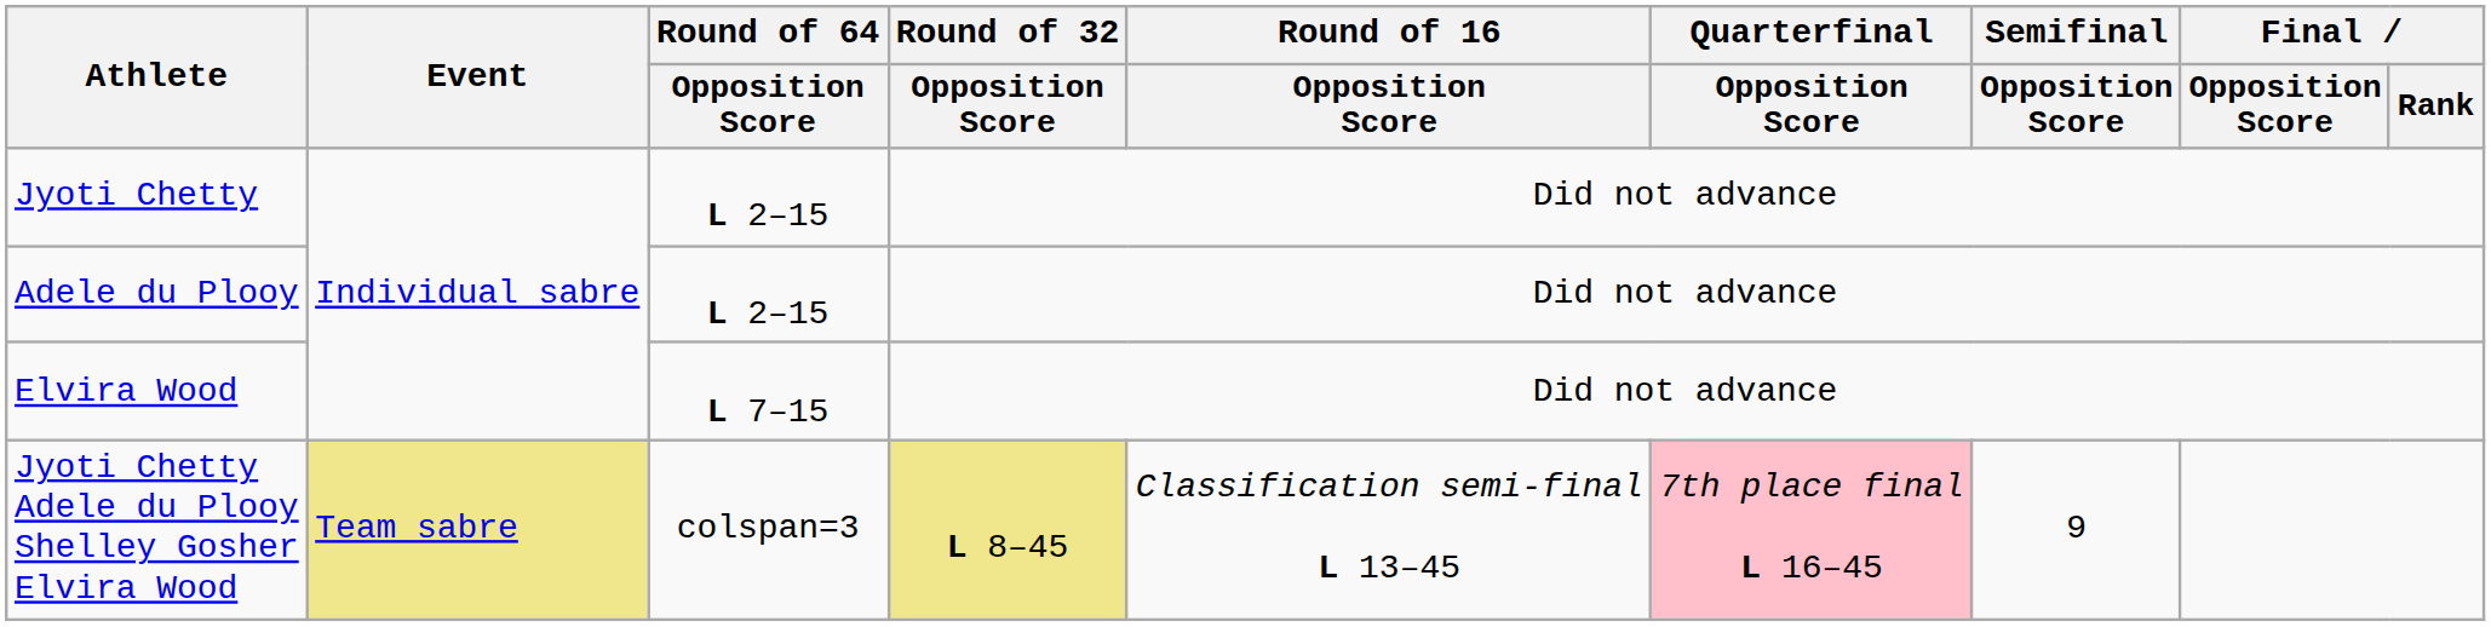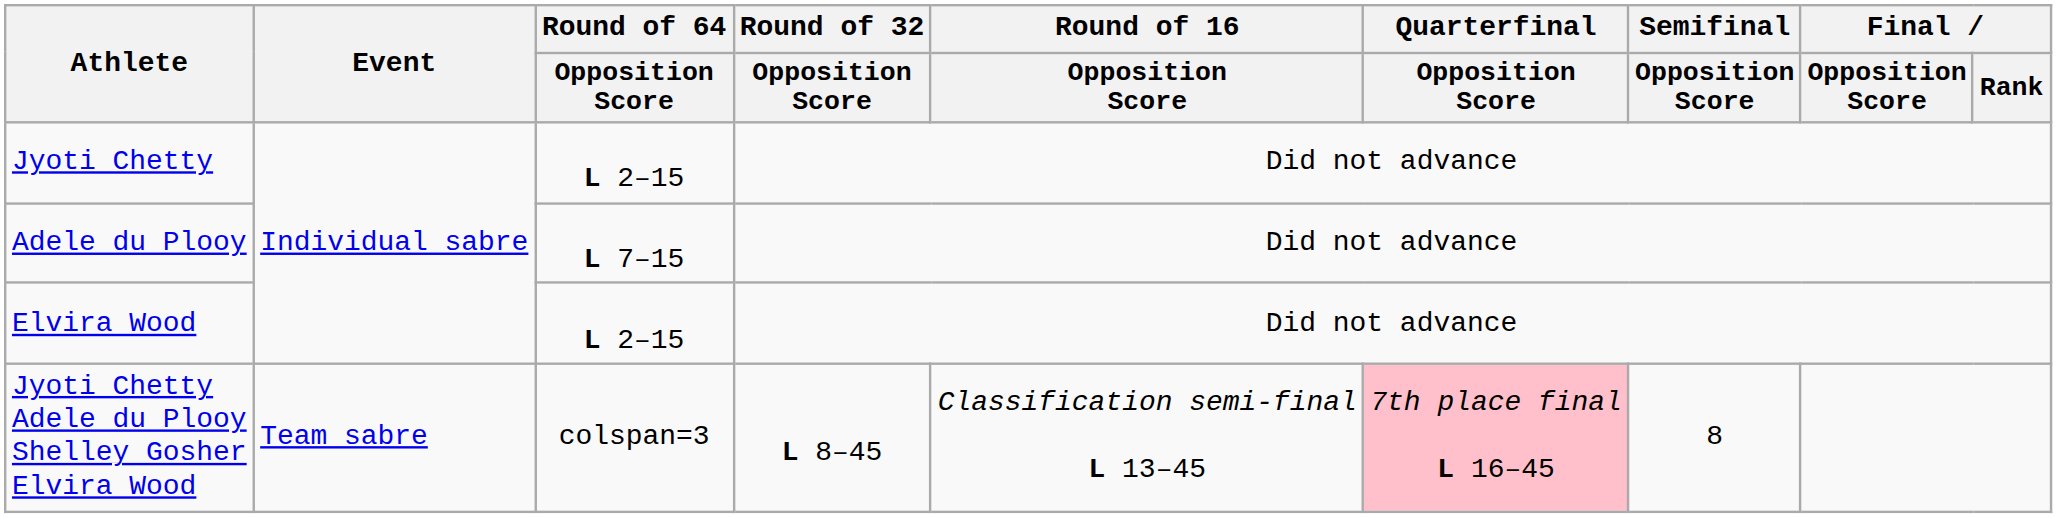 <table class="wikitable" style="font-size:90%">
 <tr>
 <th rowspan="2">Athlete</th>
 <th rowspan="2">Event</th>
 <th>Round of 64</th>
 <th>Round of 32</th>
 <th>Round of 16</th>
 <th>Quarterfinal</th>
 <th>Semifinal</th>
 <th colspan=2>Final / </th>
 </tr>
 <tr style="font-size:95%">
 <th>Opposition <br> Score</th>
 <th>Opposition <br> Score</th>
 <th>Opposition <br> Score</th>
 <th>Opposition <br> Score</th>
 <th>Opposition <br> Score</th>
 <th>Opposition <br> Score</th>
 <th>Rank</th>
 </tr>
 <tr align=center>
 <td align=left><a href='#'>Jyoti Chetty</a></td>
 <td align=left rowspan=3><a href='#'>Individual sabre</a></td>
 <td><br><strong>L</strong> 2–15</td>
 <td colspan=6>Did not advance</td>
 </tr>
 <tr align=center>
 <td align=left><a href='#'>Adele du Plooy</a></td>
+<td><br><strong>L</strong> 7–15</td>
+<td colspan=6>Did not advance</td>
+</tr>
+<tr align=center>
+<td align=left><a href='#'>Elvira Wood</a></td>
 <td><br><strong>L</strong> 2–15</td>
 <td colspan=6>Did not advance</td>
 </tr>
 <tr align=center>
-<td align=left><a href='#'>Elvira Wood</a></td>
-<td><br><strong>L</strong> 7–15</td>
-<td colspan=6>Did not advance</td>
-</tr>
-<tr align=center>
 <td align=left><a href='#'>Jyoti Chetty</a><br><a href='#'>Adele du Plooy</a><br><a href='#'>Shelley Gosher</a><br><a href='#'>Elvira Wood</a></td>
-<td align=left style="background: khaki;"><a href='#'>Team sabre</a></td>
+<td align=left><a href='#'>Team sabre</a></td>
 <td>colspan=3 </td>
-<td style="background: khaki;"><br><strong>L</strong> 8–45</td>
+<td><br><strong>L</strong> 8–45</td>
 <td><em>Classification semi-final</em><br> <br><strong>L</strong> 13–45</td>
 <td style="background: pink;"><em>7th place final</em><br> <br><strong>L</strong> 16–45</td>
-<td>9</td>
+<td>8</td>
 </tr>
 </table>
